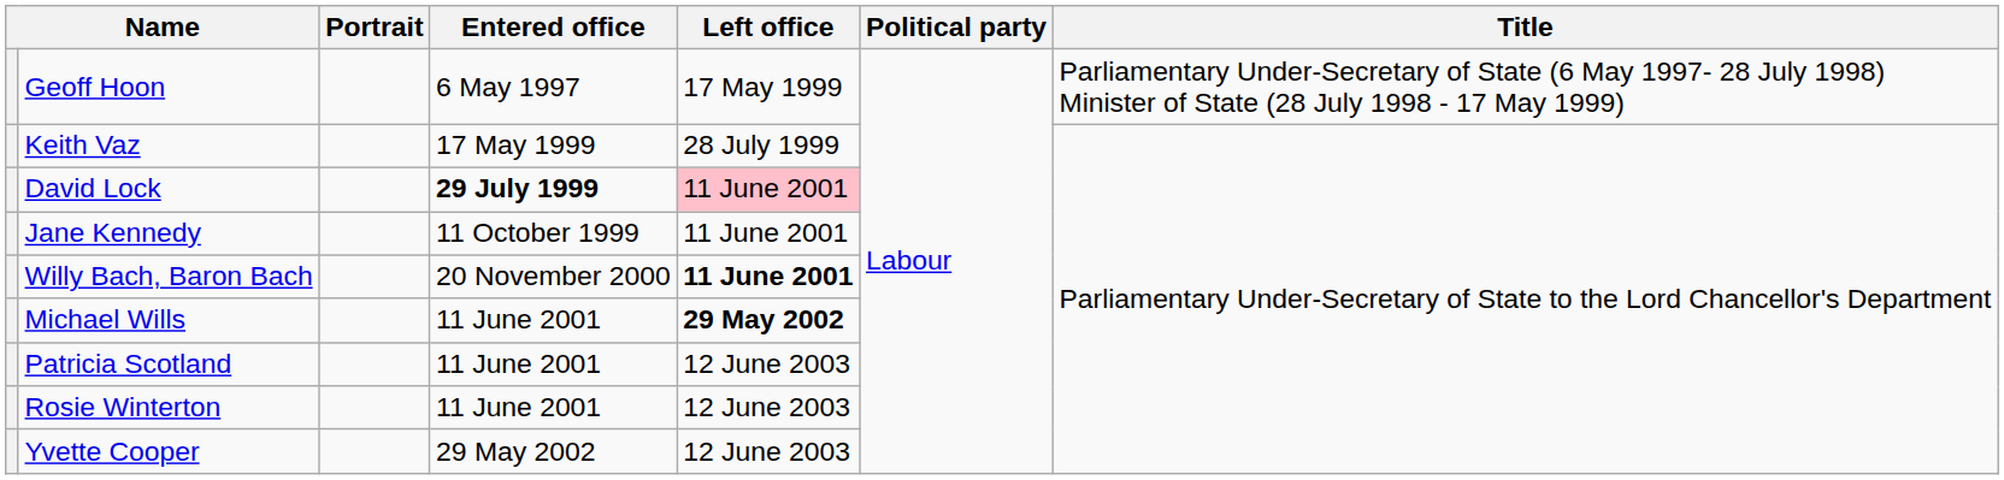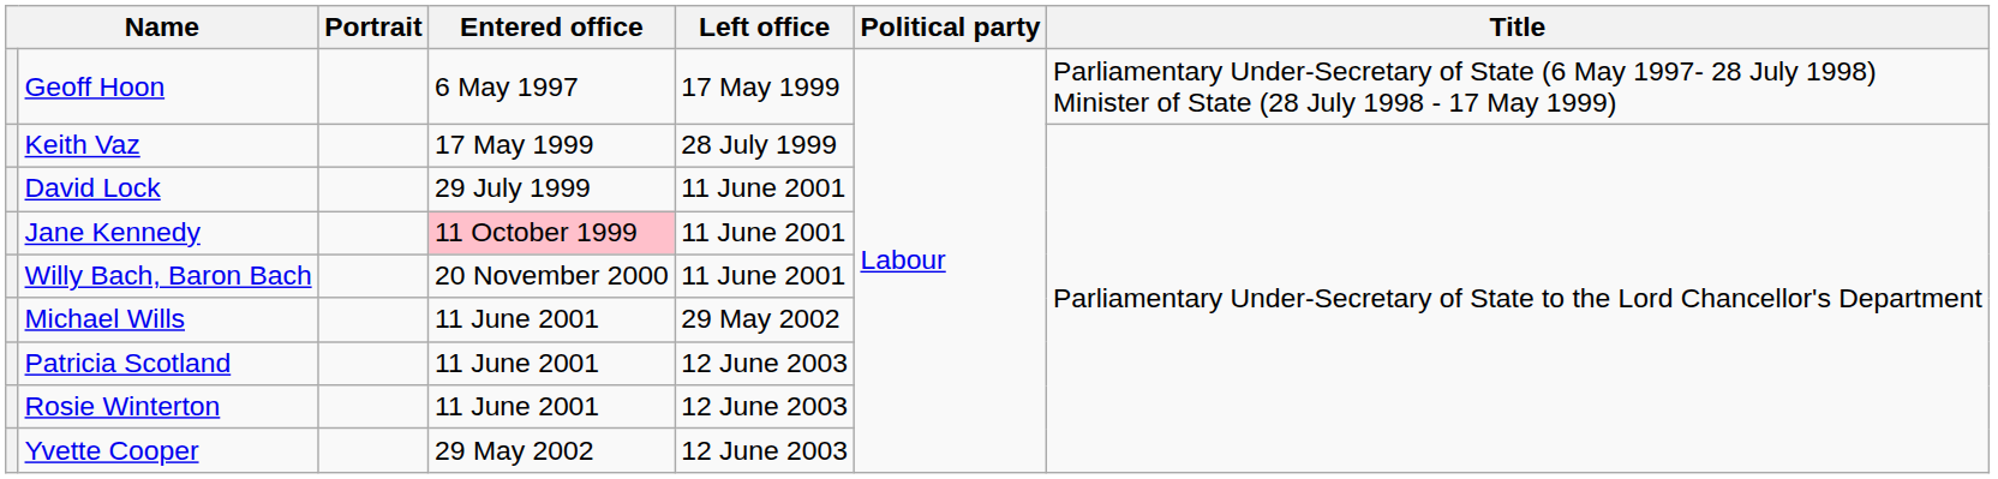 <table class="wikitable">
 <tr>
 <th colspan="2">Name</th>
 <th>Portrait</th>
 <th>Entered office</th>
 <th>Left office</th>
 <th>Political party</th>
 <th>Title</th>
 </tr>
 <tr>
 <th style="background-color: "></th>
 <td><a href='#'>Geoff Hoon</a></td>
 <td></td>
 <td>6 May 1997</td>
 <td>17 May 1999</td>
 <td rowspan="9"><a href='#'>Labour</a></td>
 <td>Parliamentary Under-Secretary of State (6 May 1997- 28 July 1998)<br>Minister of State (28 July 1998 - 17 May 1999)</td>
 </tr>
 <tr>
 <th style="background-color: "></th>
 <td><a href='#'>Keith Vaz</a></td>
 <td></td>
 <td>17 May 1999</td>
 <td>28 July 1999</td>
 <td rowspan="8">Parliamentary Under-Secretary of State to the Lord Chancellor's Department</td>
 </tr>
 <tr>
 <th style="background-color: "></th>
 <td><a href='#'>David Lock</a></td>
 <td></td>
-<td><strong>29 July 1999</strong></td>
-<td style="background: pink;">11 June 2001</td>
+<td>29 July 1999</td>
+<td>11 June 2001</td>
 </tr>
 <tr>
 <th style="background-color: "></th>
 <td><a href='#'>Jane Kennedy</a></td>
 <td></td>
-<td>11 October 1999</td>
+<td style="background: pink;">11 October 1999</td>
 <td>11 June 2001</td>
 </tr>
 <tr>
 <th style="background-color: "></th>
 <td><a href='#'>Willy Bach, Baron Bach</a></td>
 <td></td>
 <td>20 November 2000</td>
-<td><strong>11 June 2001</strong></td>
+<td>11 June 2001</td>
 </tr>
 <tr>
 <th style="background-color: "></th>
 <td><a href='#'>Michael Wills</a></td>
 <td></td>
 <td>11 June 2001</td>
-<td><strong>29 May 2002</strong></td>
+<td>29 May 2002</td>
 </tr>
 <tr>
 <th style="background-color: "></th>
 <td><a href='#'>Patricia Scotland</a></td>
 <td></td>
 <td>11 June 2001</td>
 <td>12 June 2003</td>
 </tr>
 <tr>
 <th style="background-color: "></th>
 <td><a href='#'>Rosie Winterton</a></td>
 <td></td>
 <td>11 June 2001</td>
 <td>12 June 2003</td>
 </tr>
 <tr>
 <th style="background-color: "></th>
 <td><a href='#'>Yvette Cooper</a></td>
 <td></td>
 <td>29 May 2002</td>
 <td>12 June 2003</td>
 </tr>
 </table>
